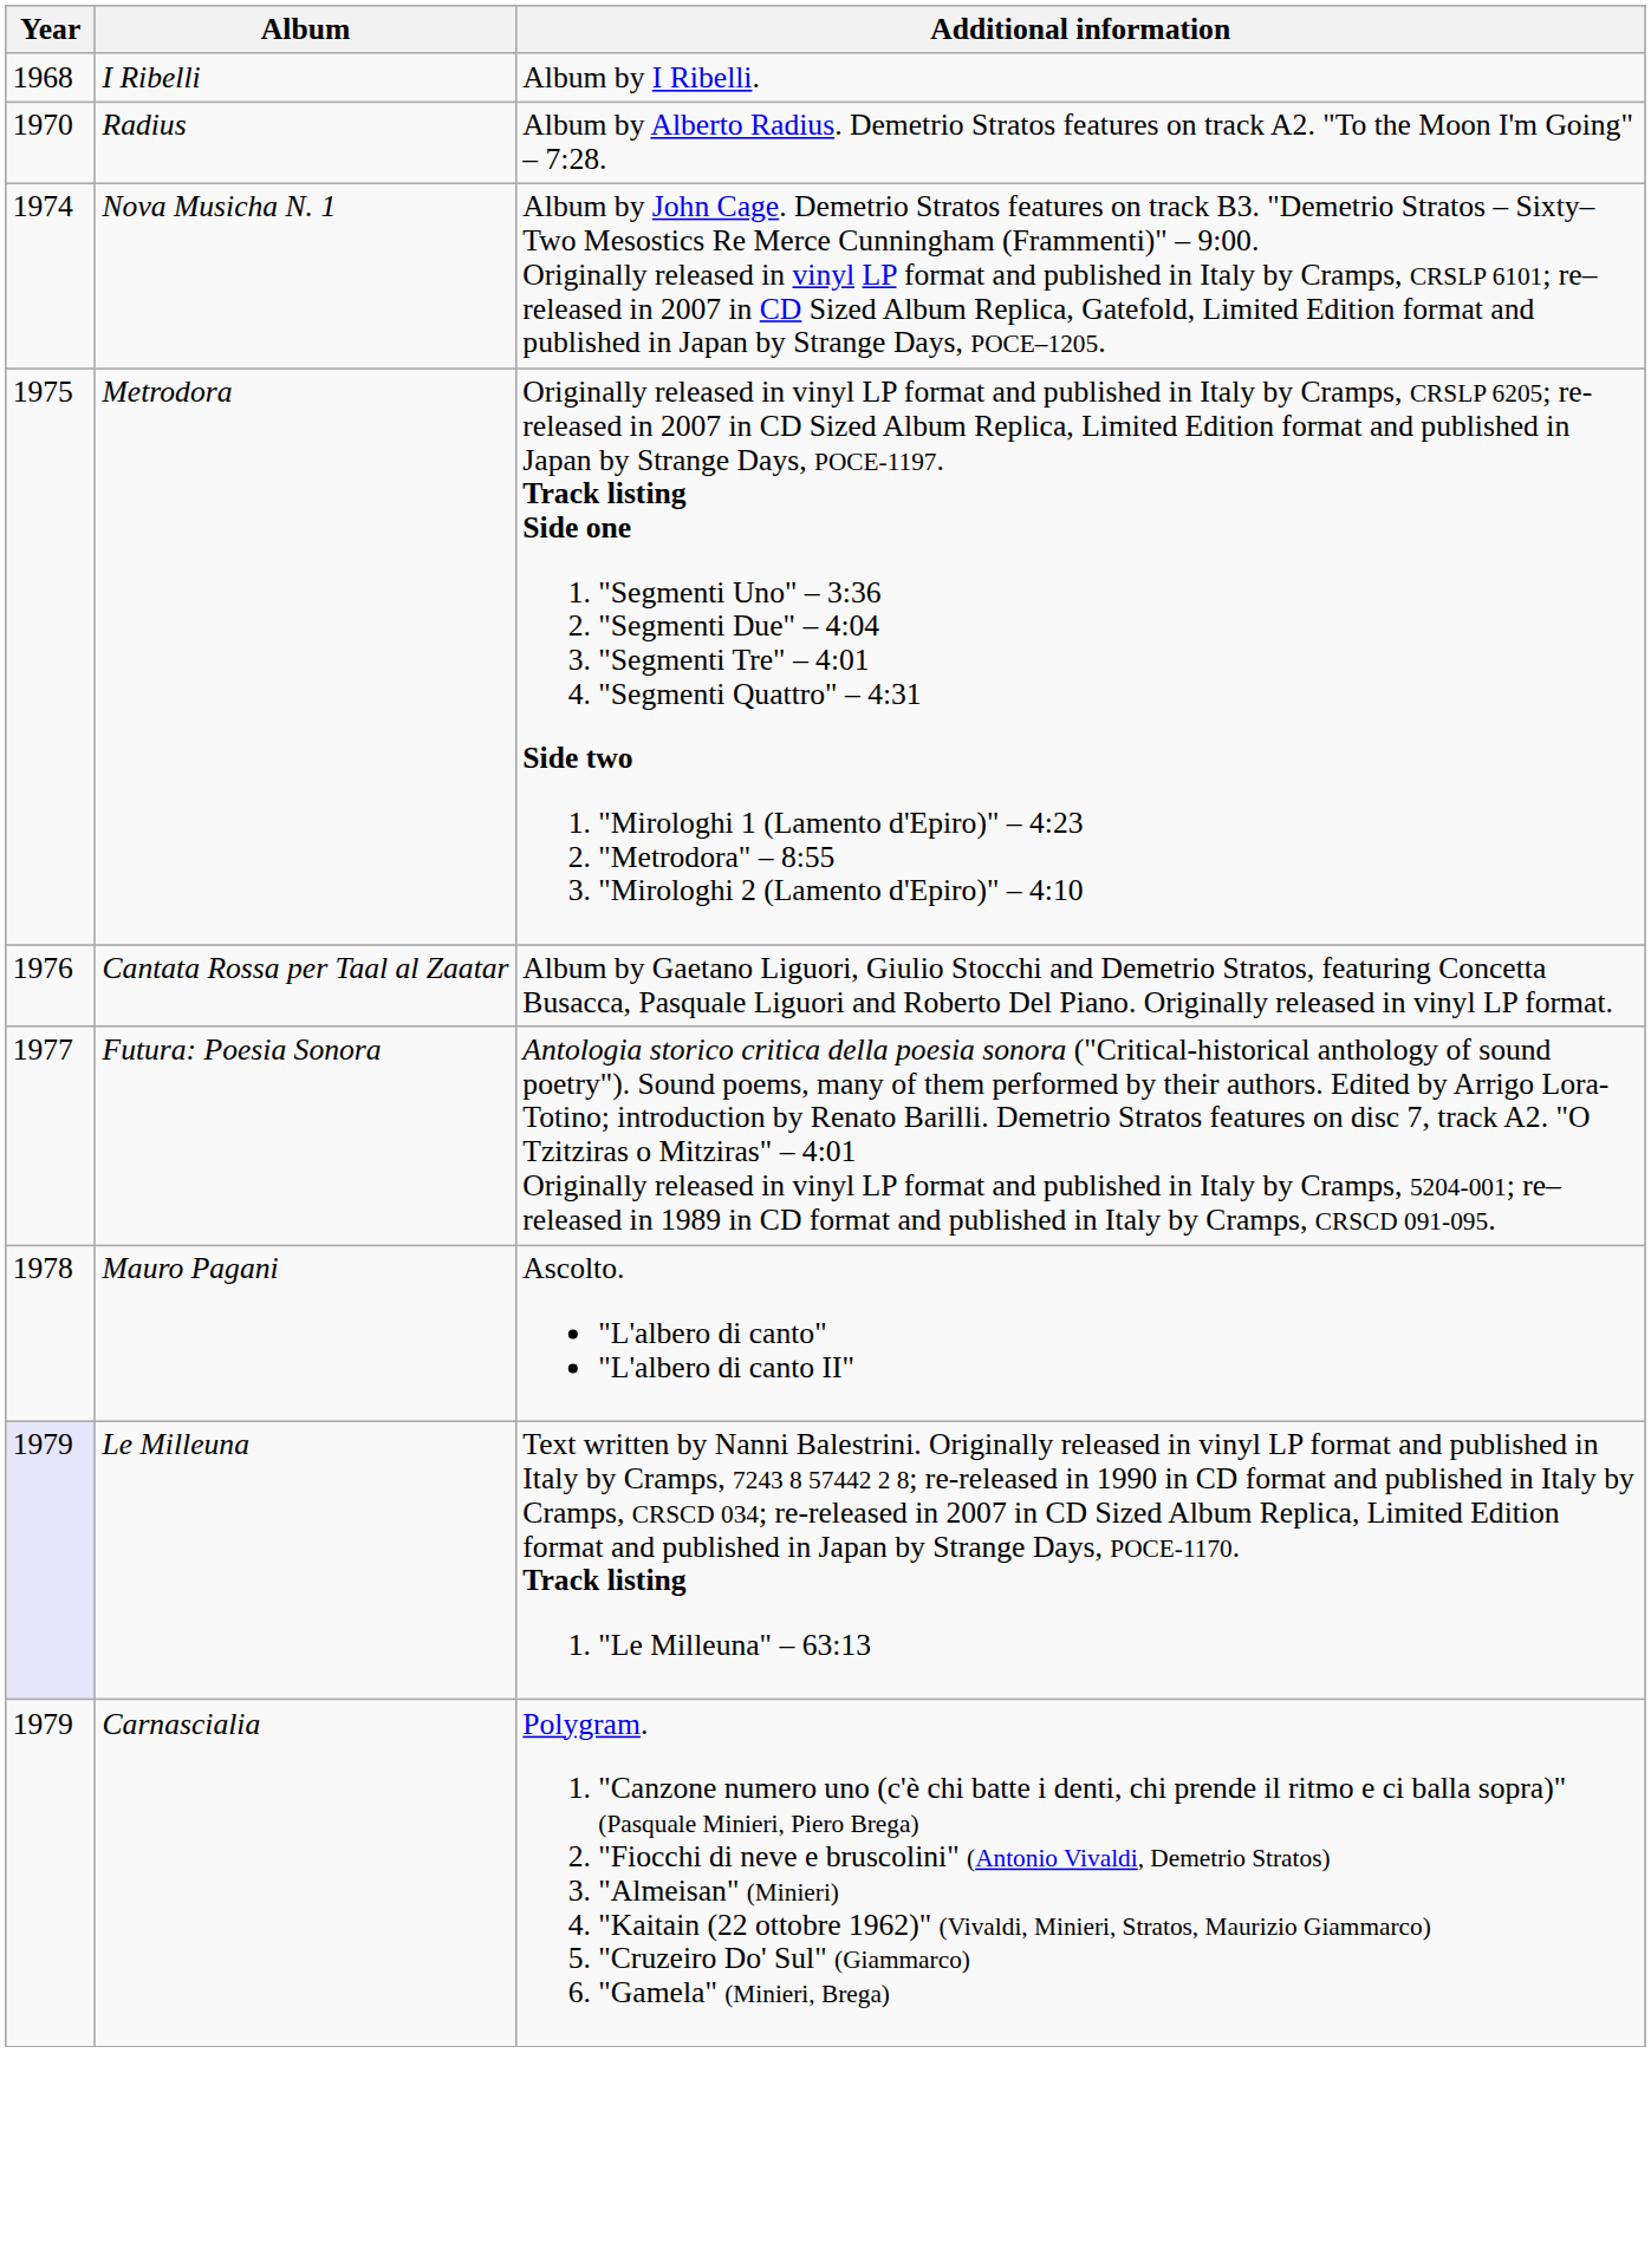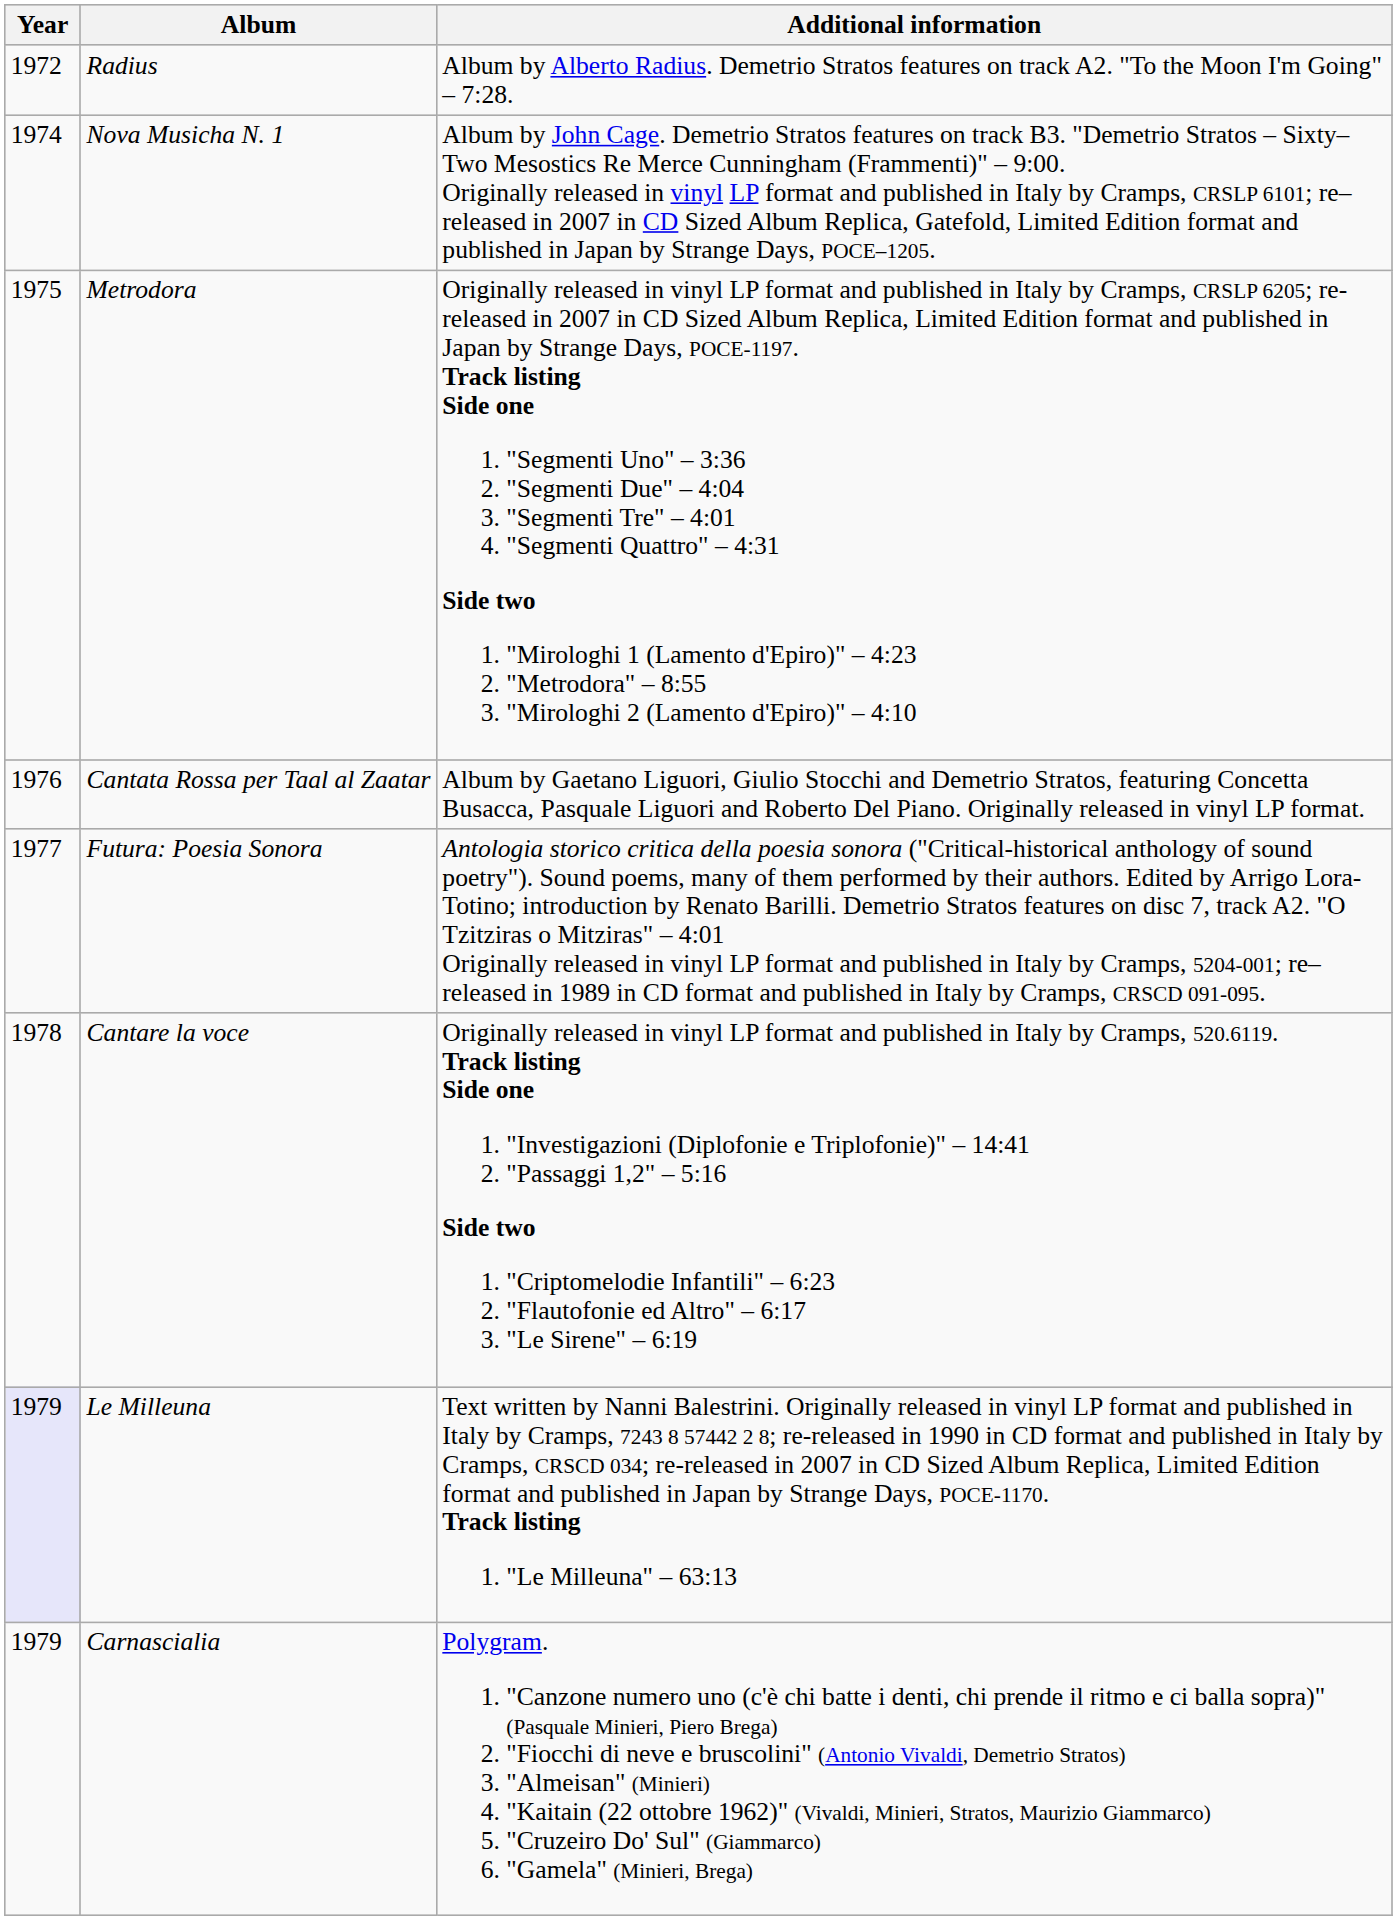 <table class="wikitable">
 <tr>
 <th align="left" valign="top" width="40">Year</th>
 <th align="left" valign="top">Album</th>
 <th align="left" valign="top">Additional information</th>
 </tr>
 <tr>
-<td align="left" valign="top">1968</td>
-<td align="left" valign="top"><em>I Ribelli</em></td>
-<td align="left" valign="top">Album by <a href='#'>I Ribelli</a>.</td>
-</tr>
-<tr>
-<td align="left" valign="top">1970</td>
+<td align="left" valign="top">1972</td>
 <td align="left" valign="top"><em>Radius</em></td>
 <td align="left" valign="top">Album by <a href='#'>Alberto Radius</a>. Demetrio Stratos features on track A2. "To the Moon I'm Going" – 7:28.</td>
 </tr>
 <tr>
 <td align="left" valign="top">1974</td>
 <td align="left" valign="top"><em>Nova Musicha N. 1</em></td>
 <td align="left" valign="top">Album by <a href='#'>John Cage</a>. Demetrio Stratos features on track B3. "Demetrio Stratos – Sixty–Two Mesostics Re Merce Cunningham (Frammenti)" – 9:00.<br>Originally released in <a href='#'>vinyl</a> <a href='#'>LP</a> format and published in Italy by Cramps, <small>CRSLP 6101</small>; re–released in 2007 in <a href='#'>CD</a> Sized Album Replica, Gatefold, Limited Edition format and published in Japan by Strange Days, <small>POCE–1205</small>.</td>
 </tr>
 <tr>
 <td align="left" valign="top">1975</td>
 <td align="left" valign="top"><em>Metrodora</em></td>
 <td align="left" valign="top">Originally released in vinyl LP format and published in Italy by Cramps, <small>CRSLP 6205</small>; re-released in 2007 in CD Sized Album Replica, Limited Edition format and published in Japan by Strange Days, <small>POCE-1197</small>.<br><strong>Track listing</strong><br><strong>Side one</strong><ol><li>"Segmenti Uno" – 3:36</li><li>"Segmenti Due" – 4:04</li><li>"Segmenti Tre" – 4:01</li><li>"Segmenti Quattro" – 4:31</li></ol><strong>Side two</strong><ol><li>"Mirologhi 1 (Lamento d'Epiro)" – 4:23</li><li>"Metrodora" – 8:55</li><li>"Mirologhi 2 (Lamento d'Epiro)" – 4:10</li></ol></td>
 </tr>
 <tr>
 <td align="left" valign="top">1976</td>
 <td align="left" valign="top"><em>Cantata Rossa per Taal al Zaatar</em></td>
 <td align="left" valign="top">Album by Gaetano Liguori, Giulio Stocchi and Demetrio Stratos, featuring Concetta Busacca, Pasquale Liguori and Roberto Del Piano. Originally released in vinyl LP format.</td>
 </tr>
 <tr>
 <td align="left" valign="top">1977</td>
 <td align="left" valign="top"><em>Futura: Poesia Sonora</em></td>
 <td align="left" valign="top"><em>Antologia storico critica della poesia sonora</em> ("Critical-historical anthology of sound poetry"). Sound poems, many of them performed by their authors. Edited by Arrigo Lora-Totino; introduction by Renato Barilli. Demetrio Stratos features on disc 7, track A2. "O Tzitziras o Mitziras" – 4:01<br>Originally released in vinyl LP format and published in Italy by Cramps, <small>5204-001</small>; re–released in 1989 in CD format and published in Italy by Cramps, <small>CRSCD 091-095</small>.</td>
 </tr>
 <tr>
 <td align="left" valign="top">1978</td>
-<td align="left" valign="top"><em>Mauro Pagani</em></td>
-<td align="left" valign="top">Ascolto.<br><ul><li>"L'albero di canto"</li><li>"L'albero di canto II"</li></ul></td>
+<td align="left" valign="top"><em>Cantare la voce</em></td>
+<td align="left" valign="top">Originally released in vinyl LP format and published in Italy by Cramps, <small>520.6119</small>.<br><strong>Track listing</strong><br><strong>Side one</strong><ol><li>"Investigazioni (Diplofonie e Triplofonie)" – 14:41</li><li>"Passaggi 1,2" – 5:16</li></ol><strong>Side two</strong><ol><li>"Criptomelodie Infantili" – 6:23</li><li>"Flautofonie ed Altro" – 6:17</li><li>"Le Sirene" – 6:19</li></ol></td>
 </tr>
 <tr>
 <td align="left" valign="top" style="background: lavender;">1979</td>
 <td align="left" valign="top"><em>Le Milleuna</em></td>
 <td align="left" valign="top">Text written by Nanni Balestrini. Originally released in vinyl LP format and published in Italy by Cramps, <small>7243 8 57442 2 8</small>; re-released in 1990 in CD format and published in Italy by Cramps, <small>CRSCD 034</small>; re-released in 2007 in CD Sized Album Replica, Limited Edition format and published in Japan by Strange Days, <small>POCE-1170</small>.<br><strong>Track listing</strong><ol><li>"Le Milleuna" – 63:13</li></ol></td>
 </tr>
 <tr>
 <td align="left" valign="top">1979</td>
 <td align="left" valign="top"><em>Carnascialia</em></td>
 <td align="left" valign="top"><a href='#'>Polygram</a>.<br><ol><li>"Canzone numero uno (c'è chi batte i denti, chi prende il ritmo e ci balla sopra)" <small>(Pasquale Minieri, Piero Brega)</small></li><li>"Fiocchi di neve e bruscolini" <small>(<a href='#'>Antonio Vivaldi</a>, Demetrio Stratos)</small></li><li>"Almeisan" <small>(Minieri)</small></li><li>"Kaitain (22 ottobre 1962)" <small>(Vivaldi, Minieri, Stratos, Maurizio Giammarco)</small></li><li>"Cruzeiro Do' Sul" <small>(Giammarco)</small></li><li>"Gamela" <small>(Minieri, Brega)</small></li></ol></td>
 </tr>
 </table>
